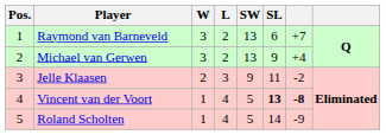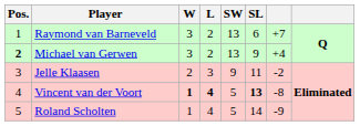 <table class="wikitable" style="text-align:center; margin: 1em auto 1em auto, align:left">
 <tr>
 <th width=20>Pos.</th>
 <th width=185>Player</th>
 <th width=20>W</th>
 <th width=20>L</th>
 <th width=20>SW</th>
 <th width=20>SL</th>
 <th width=25></th>
 <th width=70></th>
 </tr>
 <tr style="background:#CCFFCC;">
 <td>1</td>
 <td align=left><a href='#'>Raymond van Barneveld</a></td>
 <td>3</td>
 <td>2</td>
 <td>13</td>
 <td>6</td>
 <td>+7</td>
 <td rowspan=2><strong>Q</strong></td>
 </tr>
 <tr style="background:#CCFFCC;">
-<td>2</td>
+<td><strong>2</strong></td>
 <td align=left><a href='#'>Michael van Gerwen</a></td>
 <td>3</td>
 <td>2</td>
 <td>13</td>
 <td>9</td>
 <td>+4</td>
 </tr>
 <tr style="background:#FFccCC;">
 <td>3</td>
 <td align=left><a href='#'>Jelle Klaasen</a></td>
 <td>2</td>
 <td>3</td>
 <td>9</td>
 <td>11</td>
 <td>-2</td>
 <td rowspan=3><strong>Eliminated</strong></td>
 </tr>
 <tr style="background:#FFccCC;">
 <td>4</td>
 <td align=left><a href='#'>Vincent van der Voort</a></td>
-<td>1</td>
-<td>4</td>
+<td><strong>1</strong></td>
+<td><strong>4</strong></td>
 <td>5</td>
 <td><strong>13</strong></td>
-<td><strong>-8</strong></td>
+<td>-8</td>
 </tr>
 <tr style="background:#FFccCC;">
 <td>5</td>
 <td align=left><a href='#'>Roland Scholten</a></td>
 <td>1</td>
 <td>4</td>
 <td>5</td>
 <td>14</td>
 <td>-9</td>
 </tr>
 </table>
